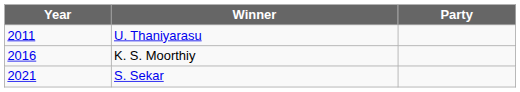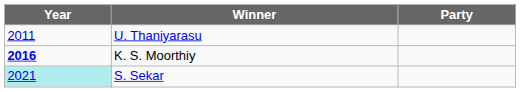 <table class="wikitable sortable" width="50%">
 <tr>
 <th style="background-color:#666666; color:white">Year</th>
 <th style="background-color:#666666; color:white">Winner</th>
 <th style="background-color:#666666; color:white" colspan="2">Party</th>
 </tr>
 <tr>
 <td><a href='#'>2011</a></td>
 <td><a href='#'>U. Thaniyarasu</a></td>
 <td></td>
 </tr>
 <tr>
-<td><a href='#'>2016</a></td>
+<td><strong><a href='#'>2016</a></strong></td>
 <td>K. S. Moorthiy</td>
 <td></td>
 </tr>
 <tr>
-<td><a href='#'>2021</a></td>
+<td style="background: paleturquoise;"><a href='#'>2021</a></td>
 <td><a href='#'>S. Sekar</a></td>
 <td></td>
 </tr>
 </table>
